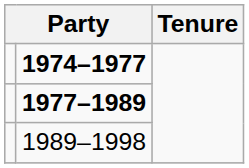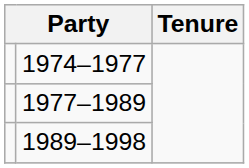 <table class="wikitable">
 <tr>
 <th colspan="2">Party</th>
 <th>Tenure</th>
 </tr>
 <tr>
 <td></td>
-<td><strong>1974–1977</strong></td>
+<td>1974–1977</td>
 </tr>
 <tr>
 <td></td>
-<td><strong>1977–1989</strong></td>
+<td>1977–1989</td>
 </tr>
 <tr>
 <td></td>
 <td>1989–1998</td>
 </tr>
 </table>
